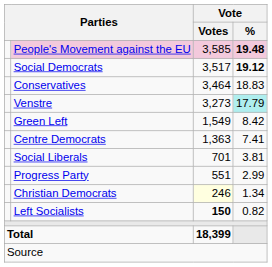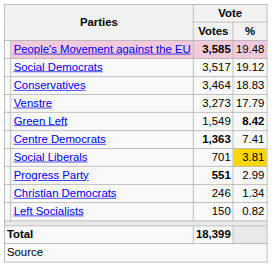 <table class="wikitable" style="text-align:right;">
 <tr>
 <th style="text-align:centre;" rowspan="2" colspan="2" width="225">Parties</th>
 <th colspan="3">Vote</th>
 </tr>
 <tr>
 <th width="15">Votes</th>
 <th width="15">%</th>
 </tr>
 <tr>
 <td width="2" style="color:inherit;background:"></td>
 <td bgcolor=#f3c9dc   align="left"><a href='#'>People's Movement against the EU</a></td>
-<td bgcolor=#f3c9dc>3,585</td>
-<td bgcolor=#f3c9dc><strong>19.48</strong></td>
+<td bgcolor=#f3c9dc><strong>3,585</strong></td>
+<td bgcolor=#f3c9dc>19.48</td>
 </tr>
 <tr>
 <td width="2" style="color:inherit;background:"></td>
 <td align="left"><a href='#'>Social Democrats</a></td>
 <td>3,517</td>
-<td><strong>19.12</strong></td>
+<td>19.12</td>
 </tr>
 <tr>
 <td width="2" style="color:inherit;background:"></td>
 <td align="left"><a href='#'>Conservatives</a></td>
 <td>3,464</td>
 <td>18.83</td>
 </tr>
 <tr>
 <td width="2" style="color:inherit;background:"></td>
 <td align="left"><a href='#'>Venstre</a></td>
 <td>3,273</td>
-<td style="background: paleturquoise;">17.79</td>
+<td>17.79</td>
 </tr>
 <tr>
 <td width="2" style="color:inherit;background:"></td>
 <td align="left"><a href='#'>Green Left</a></td>
 <td>1,549</td>
-<td>8.42</td>
+<td><strong>8.42</strong></td>
 </tr>
 <tr>
 <td width="2" style="color:inherit;background:"></td>
 <td align="left"><a href='#'>Centre Democrats</a></td>
-<td>1,363</td>
+<td><strong>1,363</strong></td>
 <td>7.41</td>
 </tr>
 <tr>
 <td width="2" style="color:inherit;background:"></td>
 <td align="left"><a href='#'>Social Liberals</a></td>
 <td>701</td>
-<td>3.81</td>
+<td style="background: gold;">3.81</td>
 </tr>
 <tr>
 <td width="2" style="color:inherit;background:"></td>
 <td align="left"><a href='#'>Progress Party</a></td>
-<td>551</td>
+<td><strong>551</strong></td>
 <td>2.99</td>
 </tr>
 <tr>
 <td width="2" style="color:inherit;background:"></td>
 <td align="left"><a href='#'>Christian Democrats</a></td>
-<td style="background: lightyellow;">246</td>
+<td>246</td>
 <td>1.34</td>
 </tr>
 <tr>
 <td width="2" style="color:inherit;background:"></td>
 <td align="left"><a href='#'>Left Socialists</a></td>
-<td><strong>150</strong></td>
+<td>150</td>
 <td>0.82</td>
 </tr>
 <tr>
 <td colspan="7" bgcolor="#E9E9E9"></td>
 </tr>
 <tr>
 <td align="left" colspan="2"><strong>Total</strong></td>
 <td><strong>18,399</strong></td>
 <td bgcolor="#E9E9E9" colspan="2"></td>
 </tr>
 <tr>
 <td align="left" colspan="6">Source</td>
 </tr>
 </table>
